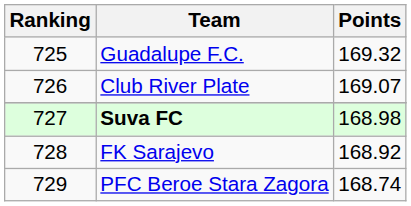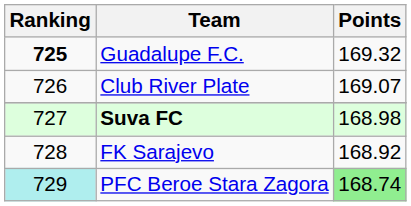 <table class="wikitable" style="text-align: center;">
 <tr>
 <th>Ranking</th>
 <th>Team</th>
 <th>Points</th>
 </tr>
 <tr>
-<td>725</td>
+<td><strong>725</strong></td>
 <td align=left> <a href='#'>Guadalupe F.C.</a></td>
 <td>169.32</td>
 </tr>
 <tr>
 <td>726</td>
 <td align=left> <a href='#'> Club River Plate</a></td>
 <td>169.07</td>
 </tr>
 <tr>
 </tr>
 <tr bgcolor="#ddffdd">
 <td>727</td>
 <td align=left> <strong>Suva FC</strong></td>
 <td>168.98</td>
 </tr>
 <tr>
 <td>728</td>
 <td align=left> <a href='#'>FK Sarajevo</a></td>
 <td>168.92</td>
 </tr>
 <tr>
-<td>729</td>
+<td style="background: paleturquoise;">729</td>
 <td align=left> <a href='#'>PFC Beroe Stara Zagora</a></td>
-<td>168.74</td>
+<td style="background: lightgreen;">168.74</td>
 </tr>
 </table>
